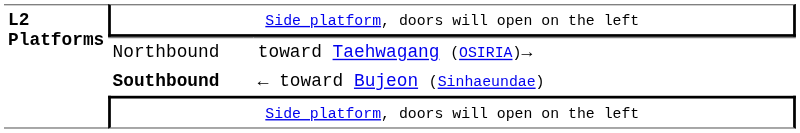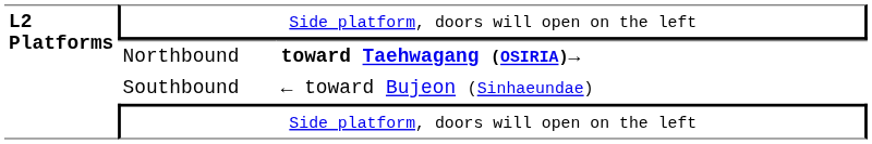 <table table border=0 cellspacing=0 cellpadding=3>
 <tr>
 <td style="border-top:solid 1px gray;border-bottom:solid 1px gray;" width=50 rowspan=10 valign=top><strong>L2<br>Platforms</strong></td>
 <td style="border-top:solid 1px gray;border-right:solid 2px black;border-left:solid 2px black;border-bottom:solid 2px black;text-align:center;" colspan=2><small><a href='#'>Side platform</a>, doors will open on the left</small></td>
 </tr>
 <tr>
 <td style="border-bottom:solid 0px gray;border-top:solid 1px gray;" width=100>Northbound</td>
-<td style="border-bottom:solid 0px gray;border-top:solid 1px gray;" width=390>  toward <a href='#'>Taehwagang</a> <small>(<a href='#'>OSIRIA</a>)</small>→</td>
+<td style="border-bottom:solid 0px gray;border-top:solid 1px gray;" width=390><strong>  toward <a href='#'>Taehwagang</a> <small>(<a href='#'>OSIRIA</a>)</small>→</strong></td>
 </tr>
 <tr>
-<td><strong>Southbound</strong></td>
+<td>Southbound</td>
 <td>←  toward <a href='#'>Bujeon</a> <small>(<a href='#'>Sinhaeundae</a>)</small></td>
 </tr>
 <tr>
 <td style="border-top:solid 2px black;border-right:solid 2px black;border-left:solid 2px black;border-bottom:solid 1px gray;text-align:center;" colspan=2><small><a href='#'>Side platform</a>, doors will open on the left</small></td>
 </tr>
 </table>
